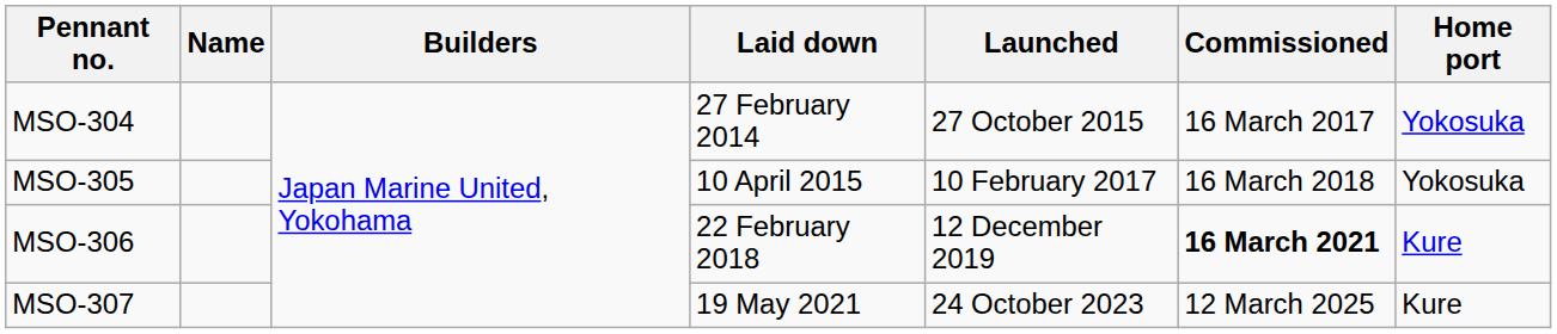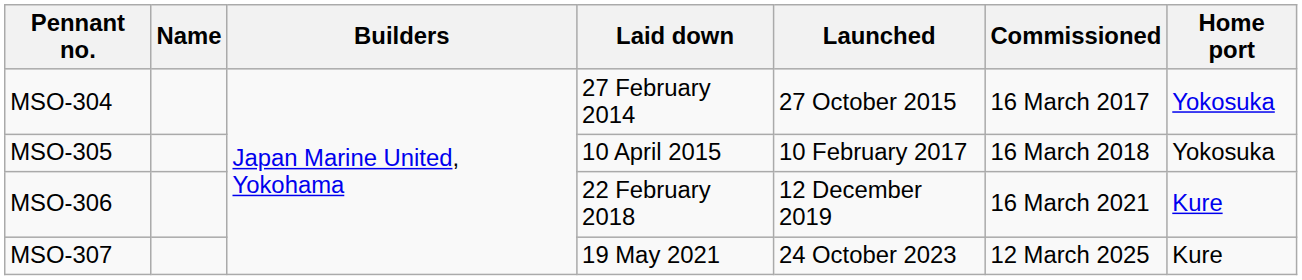 <table class="wikitable">
 <tr>
 <th>Pennant no.</th>
 <th>Name</th>
 <th>Builders</th>
 <th>Laid down</th>
 <th>Launched</th>
 <th>Commissioned</th>
 <th>Home port</th>
 </tr>
 <tr>
 <td>MSO-304</td>
 <td></td>
 <td rowspan="4"><a href='#'>Japan Marine United</a>, <a href='#'>Yokohama</a></td>
 <td>27 February 2014</td>
 <td>27 October 2015</td>
 <td>16 March 2017</td>
 <td><a href='#'>Yokosuka</a></td>
 </tr>
 <tr>
 <td>MSO-305</td>
 <td></td>
 <td>10 April 2015</td>
 <td>10 February 2017</td>
 <td>16 March 2018</td>
 <td>Yokosuka</td>
 </tr>
 <tr>
 <td>MSO-306</td>
 <td></td>
 <td>22 February 2018</td>
 <td>12 December 2019</td>
-<td><strong>16 March 2021</strong></td>
+<td>16 March 2021</td>
 <td><a href='#'>Kure</a></td>
 </tr>
 <tr>
 <td>MSO-307</td>
 <td></td>
 <td>19 May 2021</td>
 <td>24 October 2023</td>
 <td>12 March 2025</td>
 <td>Kure</td>
 </tr>
 </table>
